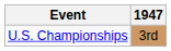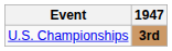 <table class="wikitable">
 <tr>
 <th>Event</th>
 <th>1947</th>
 </tr>
 <tr>
 <td><a href='#'>U.S. Championships</a></td>
-<td align="center" bgcolor="cc9966">3rd</td>
+<td align="center" bgcolor="cc9966"><strong>3rd</strong></td>
 </tr>
 </table>
